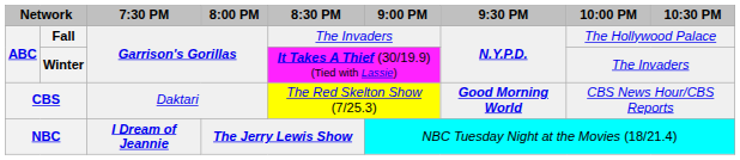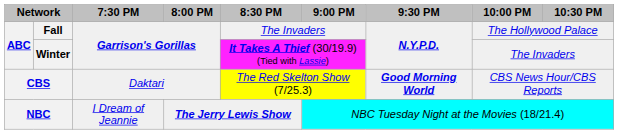 <table class="wikitable" style="width:100%;margin-right:0;text-align:center">
 <tr>
 <th colspan="2" style="background-color:#C0C0C0;text-align:center">Network</th>
 <th style="background-color:#C0C0C0;text-align:center">7:30 PM</th>
 <th style="background-color:#C0C0C0;text-align:center">8:00 PM</th>
 <th style="background-color:#C0C0C0;text-align:center">8:30 PM</th>
 <th style="background-color:#C0C0C0;text-align:center">9:00 PM</th>
 <th style="background-color:#C0C0C0;text-align:center">9:30 PM</th>
 <th style="background-color:#C0C0C0;text-align:center">10:00 PM</th>
 <th style="background-color:#C0C0C0;text-align:center">10:30 PM</th>
 </tr>
 <tr>
 <th bgcolor="#C0C0C0" rowspan="2"><a href='#'>ABC</a></th>
 <th>Fall</th>
 <td bgcolor="#F0F0F0" colspan="2" rowspan="2"><strong><em><a href='#'>Garrison's Gorillas</a></em></strong></td>
 <td bgcolor="#F0F0F0" colspan="2"><em><a href='#'>The Invaders</a></em></td>
 <td bgcolor="#F0F0F0" rowspan="2"><strong><em><a href='#'>N.Y.P.D.</a></em></strong></td>
 <td bgcolor="#F0F0F0" colspan="2"><em><a href='#'>The Hollywood Palace</a></em></td>
 </tr>
 <tr>
 <th>Winter</th>
 <td bgcolor="#FF22FF" colspan="2"><strong><em><a href='#'>It Takes A Thief</a></em></strong> (30/19.9)<br><small>(Tied with <em><a href='#'>Lassie</a></em>)</small></td>
 <td bgcolor="#F0F0F0" colspan="2"><em><a href='#'>The Invaders</a></em></td>
 </tr>
 <tr>
 <th bgcolor="#C0C0C0" colspan="2"><a href='#'>CBS</a></th>
 <td bgcolor="#F0F0F0" colspan="2"><em><a href='#'>Daktari</a></em></td>
 <td bgcolor="#FFFF00" colspan="2"><em><a href='#'>The Red Skelton Show</a></em> (7/25.3)</td>
 <td bgcolor="#F0F0F0"><strong><em><a href='#'>Good Morning World</a></em></strong></td>
 <td bgcolor="#F0F0F0" colspan="2"><em><a href='#'>CBS News Hour/CBS Reports</a></em></td>
 </tr>
 <tr>
 <th bgcolor="#C0C0C0" colspan="2"><a href='#'>NBC</a></th>
-<td bgcolor="#F0F0F0"><strong><em><a href='#'>I Dream of Jeannie</a></em></strong></td>
+<td bgcolor="#F0F0F0"><em><a href='#'>I Dream of Jeannie</a></em></td>
 <td bgcolor="#F0F0F0" colspan="2"><strong><em><a href='#'>The Jerry Lewis Show</a></em></strong></td>
 <td bgcolor="#00FFFF" colspan="4"><em>NBC Tuesday Night at the Movies</em> (18/21.4)</td>
 </tr>
 </table>
